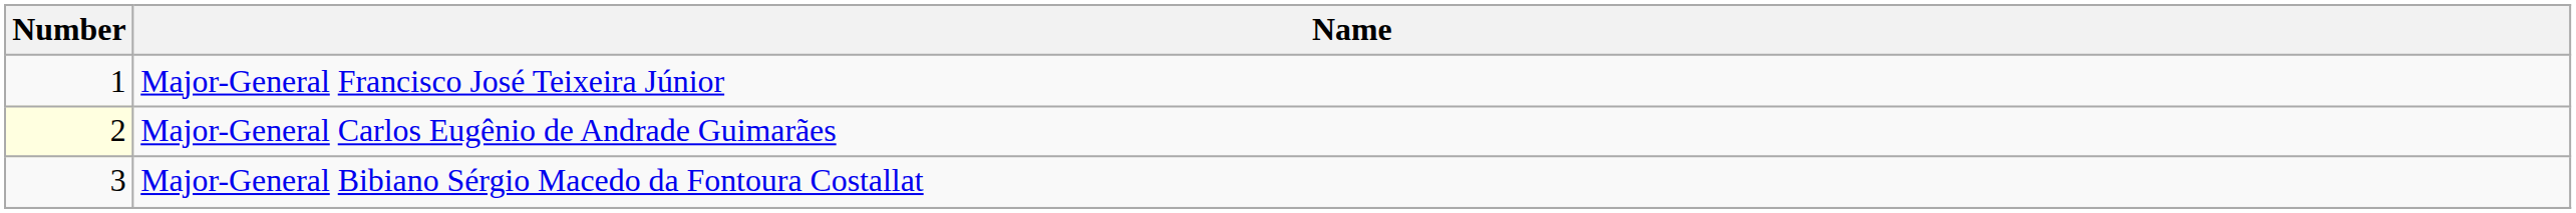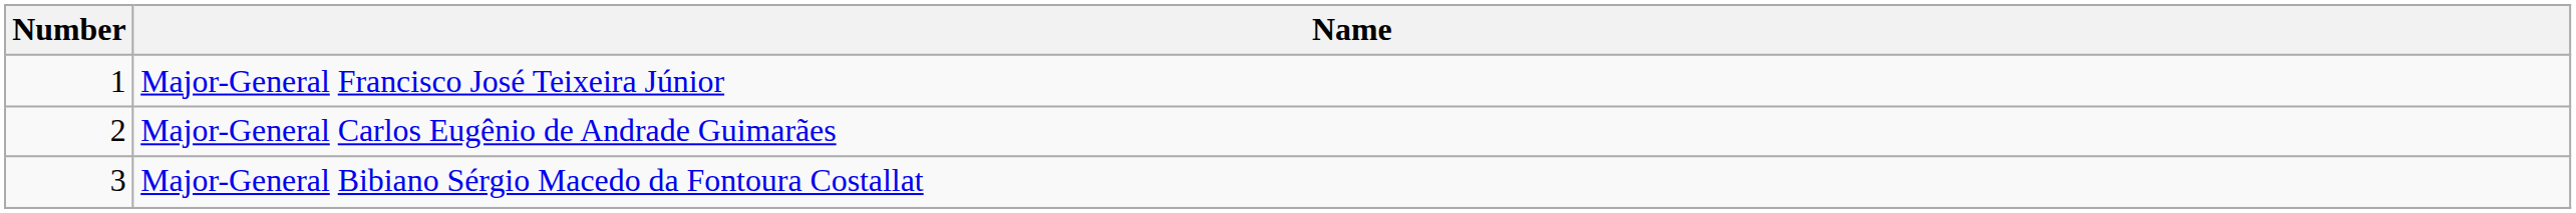 <table class="wikitable">
 <tr>
 <th width="5%">Number</th>
 <th>Name</th>
 </tr>
 <tr>
 <td align=right>1</td>
 <td rowspan=1><a href='#'>Major-General</a> <a href='#'>Francisco José Teixeira Júnior</a></td>
 </tr>
 <tr>
-<td align=right style="background: lightyellow;">2</td>
+<td align=right>2</td>
 <td><a href='#'>Major-General</a> <a href='#'>Carlos Eugênio de Andrade Guimarães</a></td>
 </tr>
 <tr>
 <td align=right>3</td>
 <td><a href='#'>Major-General</a> <a href='#'>Bibiano Sérgio Macedo da Fontoura Costallat</a></td>
 </tr>
 <tr>
 </tr>
 </table>
